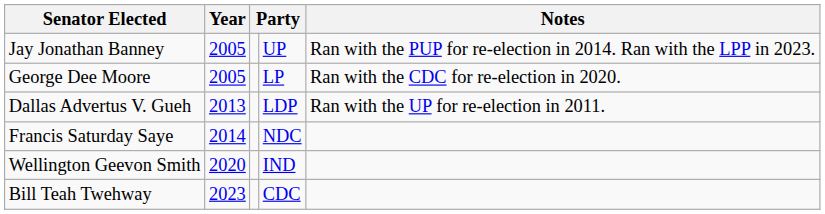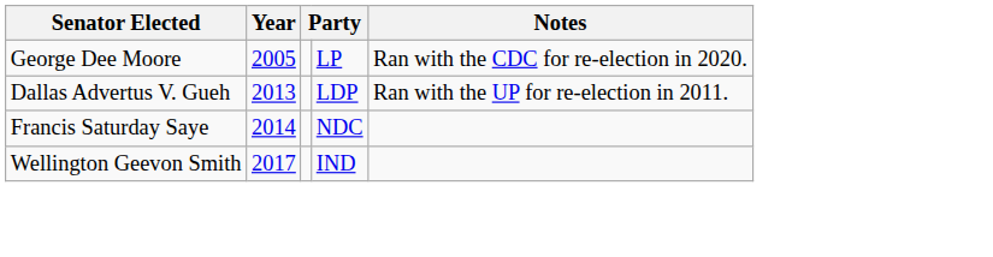 <table class="wikitable">
 <tr>
 <th>Senator Elected</th>
 <th>Year</th>
 <th colspan=2>Party</th>
 <th>Notes</th>
-</tr>
-<tr>
-<td>Jay Jonathan Banney</td>
-<td><a href='#'>2005</a></td>
-<td></td>
-<td><a href='#'>UP</a></td>
-<td>Ran with the <a href='#'>PUP</a> for re-election in 2014. Ran with the <a href='#'>LPP</a> in 2023.</td>
 </tr>
 <tr>
 <td>George Dee Moore</td>
 <td><a href='#'>2005</a></td>
 <td></td>
 <td><a href='#'>LP</a></td>
 <td>Ran with the <a href='#'>CDC</a> for re-election in 2020.</td>
 </tr>
 <tr>
 <td>Dallas Advertus V. Gueh</td>
 <td><a href='#'>2013</a></td>
 <td></td>
 <td><a href='#'>LDP</a></td>
 <td>Ran with the <a href='#'>UP</a> for re-election in 2011.</td>
 </tr>
 <tr>
 <td>Francis Saturday Saye</td>
 <td><a href='#'>2014</a></td>
 <td></td>
 <td><a href='#'>NDC</a></td>
 <td></td>
 </tr>
 <tr>
 <td>Wellington Geevon Smith</td>
-<td><a href='#'>2020</a></td>
+<td><a href='#'>2017</a></td>
 <td></td>
 <td><a href='#'>IND</a></td>
 <td></td>
 </tr>
-<tr>
-<td>Bill Teah Twehway</td>
-<td><a href='#'>2023</a></td>
-<td></td>
-<td><a href='#'>CDC</a></td>
-<td></td>
-</tr>
 </table>
